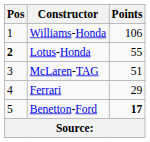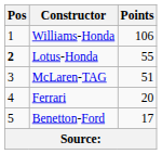 <table class="wikitable" style="font-size: 95%;">
 <tr>
 <th>Pos</th>
 <th>Constructor</th>
 <th>Points</th>
 </tr>
 <tr>
 <td>1</td>
 <td> <a href='#'>Williams</a>-<a href='#'>Honda</a></td>
 <td align="right">106</td>
 </tr>
 <tr>
 <td><strong>2</strong></td>
 <td> <a href='#'>Lotus</a>-<a href='#'>Honda</a></td>
 <td align="right">55</td>
 </tr>
 <tr>
 <td>3</td>
 <td> <a href='#'>McLaren</a>-<a href='#'>TAG</a></td>
 <td align="right">51</td>
 </tr>
 <tr>
 <td>4</td>
 <td> <a href='#'>Ferrari</a></td>
-<td align="right">29</td>
+<td align="right">20</td>
 </tr>
 <tr>
 <td>5</td>
 <td> <a href='#'>Benetton</a>-<a href='#'>Ford</a></td>
-<td align="right"><strong>17</strong></td>
+<td align="right">17</td>
 </tr>
 <tr>
 <th colspan=4>Source: </th>
 </tr>
 </table>
